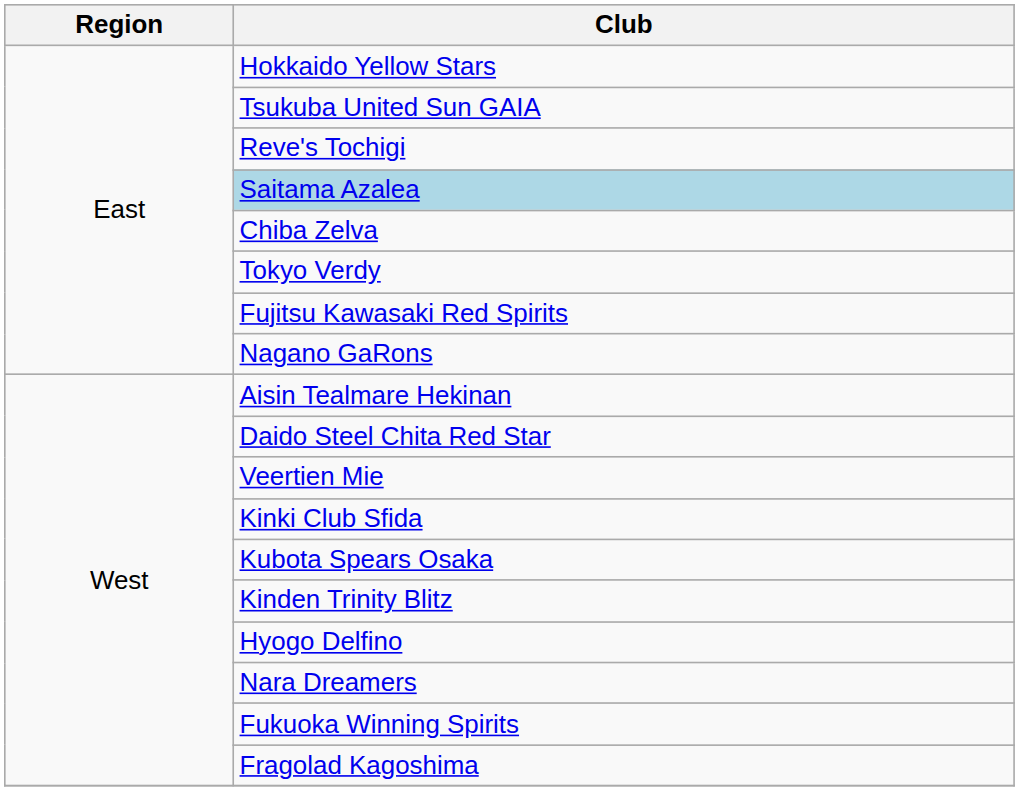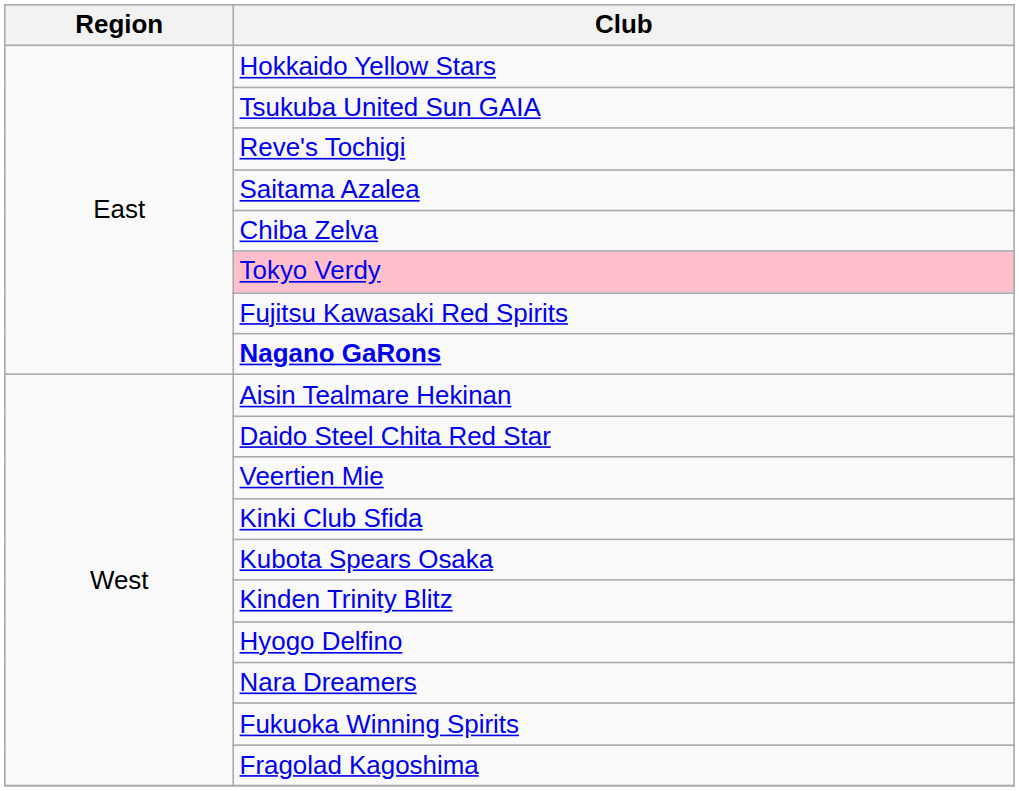 <table class="wikitable" style="width:100%; font-size:100%; text-align:left">
 <tr>
 <th>Region</th>
 <th>Club</th>
 </tr>
 <tr>
 <td rowspan="8" style="text-align:center;">East</td>
 <td><a href='#'>Hokkaido Yellow Stars</a></td>
 </tr>
 <tr>
 <td><a href='#'>Tsukuba United Sun GAIA</a></td>
 </tr>
 <tr>
 <td><a href='#'>Reve's Tochigi</a></td>
 </tr>
 <tr>
-<td style="background: lightblue;"><a href='#'>Saitama Azalea</a></td>
+<td><a href='#'>Saitama Azalea</a></td>
 </tr>
 <tr>
 <td><a href='#'>Chiba Zelva</a></td>
 </tr>
 <tr>
-<td><a href='#'>Tokyo Verdy</a></td>
+<td style="background: pink;"><a href='#'>Tokyo Verdy</a></td>
 </tr>
 <tr>
 <td><a href='#'>Fujitsu Kawasaki Red Spirits</a></td>
 </tr>
 <tr>
-<td><a href='#'>Nagano GaRons</a></td>
+<td><strong><a href='#'>Nagano GaRons</a></strong></td>
 </tr>
 <tr>
 <td rowspan="10" style="text-align:center;">West</td>
 <td><a href='#'>Aisin Tealmare Hekinan</a></td>
 </tr>
 <tr>
 <td><a href='#'>Daido Steel Chita Red Star</a></td>
 </tr>
 <tr>
 <td><a href='#'>Veertien Mie</a></td>
 </tr>
 <tr>
 <td><a href='#'>Kinki Club Sfida</a></td>
 </tr>
 <tr>
 <td><a href='#'>Kubota Spears Osaka</a></td>
 </tr>
 <tr>
 <td><a href='#'>Kinden Trinity Blitz</a></td>
 </tr>
 <tr>
 <td><a href='#'>Hyogo Delfino</a></td>
 </tr>
 <tr>
 <td><a href='#'>Nara Dreamers</a></td>
 </tr>
 <tr>
 <td><a href='#'>Fukuoka Winning Spirits</a></td>
 </tr>
 <tr>
 <td><a href='#'>Fragolad Kagoshima</a></td>
 </tr>
 <tr>
 </tr>
 </table>
